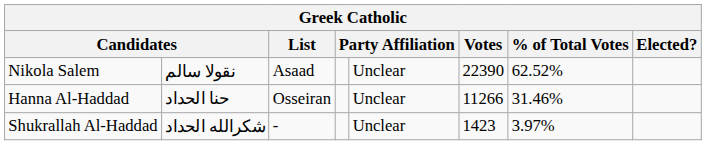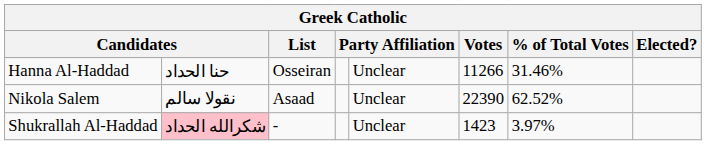 <table class="wikitable sortable">
 <tr>
 <th colspan="8">Greek Catholic</th>
 </tr>
 <tr>
 <th colspan="2">Candidates</th>
 <th>List</th>
 <th colspan="2">Party Affiliation</th>
 <th>Votes</th>
 <th>% of Total Votes</th>
 <th>Elected?</th>
 </tr>
 <tr>
+<td>Hanna Al-Haddad</td>
+<td>حنا الحداد</td>
+<td>Osseiran</td>
+<td style="background: "></td>
+<td>Unclear</td>
+<td>11266</td>
+<td>31.46%</td>
+<td></td>
+</tr>
+<tr>
 <td>Nikola Salem</td>
 <td>نقولا سالم</td>
 <td>Asaad</td>
 <td style="background: "></td>
 <td>Unclear</td>
 <td>22390</td>
 <td>62.52%</td>
 <td></td>
 </tr>
 <tr>
-<td>Hanna Al-Haddad</td>
-<td>حنا الحداد</td>
-<td>Osseiran</td>
-<td style="background: "></td>
-<td>Unclear</td>
-<td>11266</td>
-<td>31.46%</td>
-<td></td>
-</tr>
-<tr>
 <td>Shukrallah Al-Haddad</td>
-<td>شكرالله الحداد</td>
+<td style="background: pink;">شكرالله الحداد</td>
 <td>-</td>
 <td style="background: "></td>
 <td>Unclear</td>
 <td>1423</td>
 <td>3.97%</td>
 <td></td>
 </tr>
 </table>
